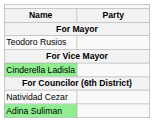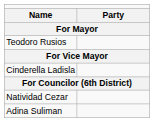 <table class=wikitable style="font-size:90%">
 <tr>
 <td colspan=4 bgcolor=></td>
 </tr>
 <tr>
 <th width=50%>Name</th>
 <th colspan=2>Party</th>
 </tr>
 <tr>
 <th colspan=3>For Mayor</th>
 </tr>
 <tr>
 <td>Teodoro Rusios</td>
 <td></td>
 </tr>
 <tr>
 <th colspan=3>For Vice Mayor</th>
 </tr>
 <tr>
-<td style="background: lightgreen;">Cinderella Ladisla</td>
+<td>Cinderella Ladisla</td>
 <td></td>
 </tr>
 <tr>
 <th colspan=3>For Councilor (6th District)</th>
 </tr>
 <tr>
 <td>Natividad Cezar</td>
 <td></td>
 </tr>
 <tr>
-<td style="background: lightgreen;">Adina Suliman</td>
+<td>Adina Suliman</td>
 <td></td>
 </tr>
 </table>
